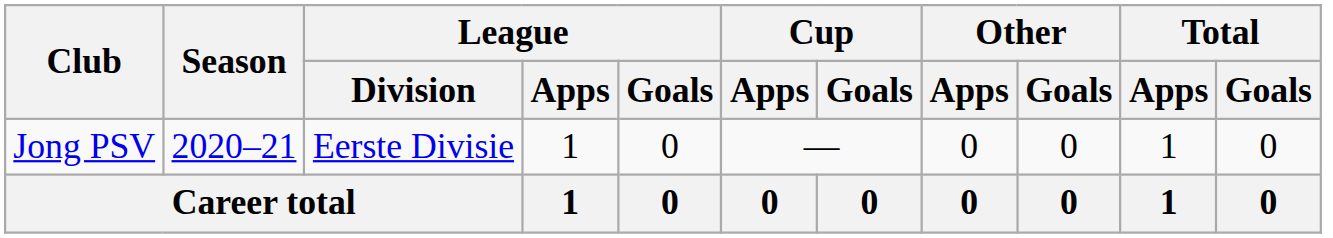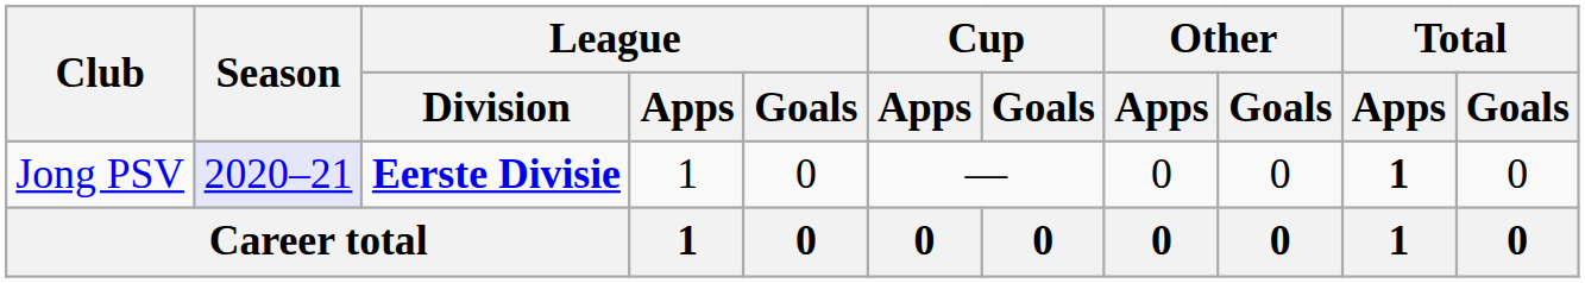 <table class="wikitable" style="text-align: center">
 <tr>
 <th rowspan="2">Club</th>
 <th rowspan="2">Season</th>
 <th colspan="3">League</th>
 <th colspan="2">Cup</th>
 <th colspan="2">Other</th>
 <th colspan="2">Total</th>
 </tr>
 <tr>
 <th>Division</th>
 <th>Apps</th>
 <th>Goals</th>
 <th>Apps</th>
 <th>Goals</th>
 <th>Apps</th>
 <th>Goals</th>
 <th>Apps</th>
 <th>Goals</th>
 </tr>
 <tr>
 <td><a href='#'>Jong PSV</a></td>
-<td><a href='#'>2020–21</a></td>
-<td><a href='#'>Eerste Divisie</a></td>
+<td style="background: lavender;"><a href='#'>2020–21</a></td>
+<td><strong><a href='#'>Eerste Divisie</a></strong></td>
 <td>1</td>
 <td>0</td>
 <td colspan="2">—</td>
 <td>0</td>
 <td>0</td>
-<td>1</td>
+<td><strong>1</strong></td>
 <td>0</td>
 </tr>
 <tr>
 <th colspan="3"><strong>Career total</strong></th>
 <th>1</th>
 <th>0</th>
 <th>0</th>
 <th>0</th>
 <th>0</th>
 <th>0</th>
 <th>1</th>
 <th>0</th>
 </tr>
 </table>
